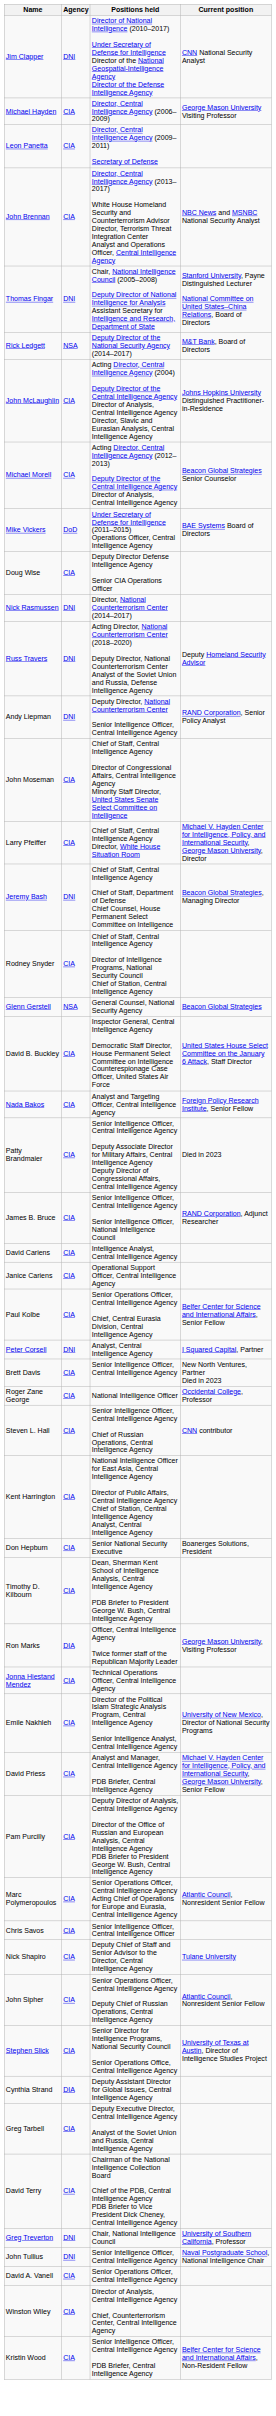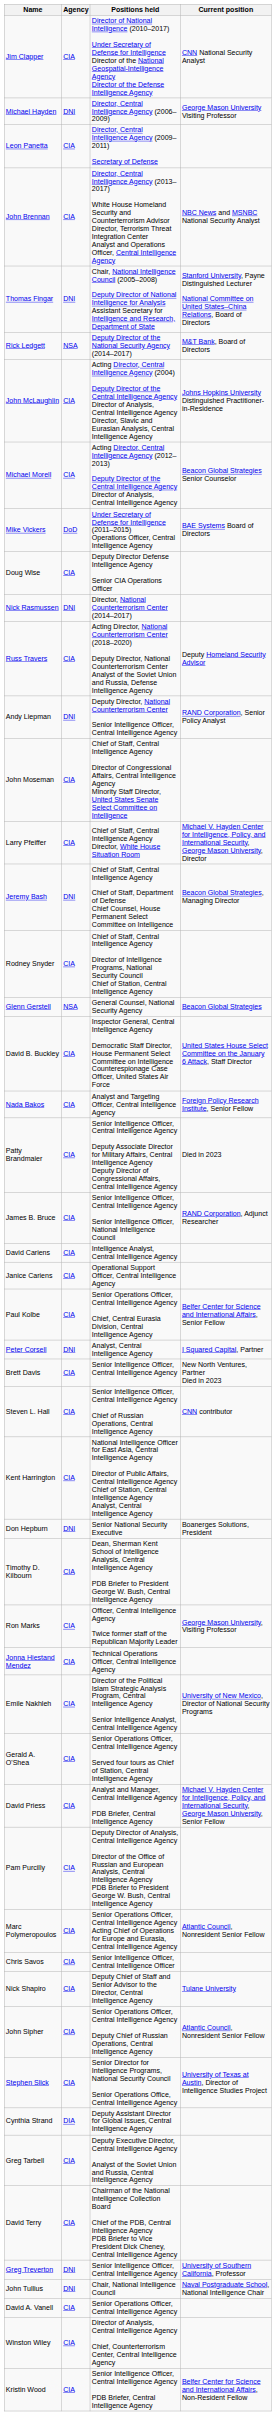 <table class="wikitable sortable">
 <tr>
 <th>Name</th>
 <th>Agency</th>
 <th>Positions held</th>
 <th>Current position</th>
 </tr>
 <tr>
 <td><a href='#'>Jim Clapper</a></td>
-<td><a href='#'>DNI</a></td>
+<td><a href='#'>CIA</a></td>
 <td><a href='#'>Director of National Intelligence</a> (2010–2017) <br><br><a href='#'>Under Secretary of Defense for Intelligence</a><br> Director of the <a href='#'>National Geospatial-Intelligence Agency</a><br> <a href='#'>Director of the Defense Intelligence Agency</a></td>
 <td><a href='#'>CNN</a> National Security Analyst</td>
 </tr>
 <tr>
 <td><a href='#'>Michael Hayden</a></td>
-<td><a href='#'>CIA</a></td>
+<td><a href='#'>DNI</a></td>
 <td><a href='#'>Director, Central Intelligence Agency</a> (2006–2009)</td>
 <td><a href='#'>George Mason University</a> Visiting Professor</td>
 </tr>
 <tr>
 <td><a href='#'>Leon Panetta</a></td>
 <td><a href='#'>CIA</a></td>
 <td><a href='#'>Director, Central Intelligence Agency</a> (2009–2011)<br><br><a href='#'>Secretary of Defense</a></td>
 </tr>
 <tr>
 <td><a href='#'>John Brennan</a></td>
 <td><a href='#'>CIA</a></td>
 <td><a href='#'>Director, Central Intelligence Agency</a> (2013–2017)<br><br>White House Homeland Security and Counterterrorism Advisor<br> Director, Terrorism Threat Integration Center<br> Analyst and Operations Officer, <a href='#'>Central Intelligence Agency</a></td>
 <td><a href='#'>NBC News</a> and <a href='#'>MSNBC</a> National Security Analyst</td>
 </tr>
 <tr>
 <td><a href='#'>Thomas Fingar</a></td>
 <td><a href='#'>DNI</a></td>
 <td>Chair, <a href='#'>National Intelligence Council</a> (2005–2008)<br><br><a href='#'>Deputy Director of National Intelligence for Analysis</a><br> Assistant Secretary for <a href='#'>Intelligence and Research, Department of State</a></td>
 <td><a href='#'>Stanford University</a>, Payne Distinguished Lecturer <br><br><a href='#'>National Committee on United States–China Relations</a>, Board of Directors</td>
 </tr>
 <tr>
 <td><a href='#'>Rick Ledgett</a></td>
 <td><a href='#'>NSA</a></td>
 <td><a href='#'>Deputy Director of the National Security Agency</a> (2014–2017)</td>
 <td><a href='#'>M&T Bank</a>, Board of Directors</td>
 </tr>
 <tr>
 <td><a href='#'>John McLaughlin</a></td>
 <td><a href='#'>CIA</a></td>
 <td>Acting <a href='#'>Director, Central Intelligence Agency</a> (2004)<br><br><a href='#'>Deputy Director of the Central Intelligence Agency</a><br> Director of Analysis, Central Intelligence Agency<br> Director, Slavic and Eurasian Analysis, Central Intelligence Agency<br></td>
 <td><a href='#'>Johns Hopkins University</a> Distinguished Practitioner-in-Residence</td>
 </tr>
 <tr>
 <td><a href='#'>Michael Morell</a></td>
 <td><a href='#'>CIA</a></td>
 <td>Acting <a href='#'>Director, Central Intelligence Agency</a> (2012–2013)<br><br><a href='#'>Deputy Director of the Central Intelligence Agency</a><br> Director of Analysis, Central Intelligence Agency</td>
 <td><a href='#'>Beacon Global Strategies</a> Senior Counselor</td>
 </tr>
 <tr>
 <td><a href='#'>Mike Vickers</a></td>
 <td><a href='#'>DoD</a></td>
 <td><a href='#'>Under Secretary of Defense for Intelligence</a> (2011–2015)<br>Operations Officer, Central Intelligence Agency</td>
 <td><a href='#'>BAE Systems</a> Board of Directors</td>
 </tr>
 <tr>
 <td>Doug Wise</td>
 <td><a href='#'>CIA</a></td>
 <td>Deputy Director Defense Intelligence Agency<br><br>Senior CIA Operations Officer</td>
 <td></td>
 </tr>
 <tr>
 <td><a href='#'>Nick Rasmussen</a></td>
 <td><a href='#'>DNI</a></td>
 <td>Director, <a href='#'>National Counterterrorism Center</a> (2014–2017)</td>
 <td></td>
 </tr>
 <tr>
 <td><a href='#'>Russ Travers</a></td>
-<td><a href='#'>DNI</a></td>
+<td><a href='#'>CIA</a></td>
 <td>Acting Director, <a href='#'>National Counterterrorism Center</a> (2018–2020)<br><br>Deputy Director, National Counterterrorism Center<br> Analyst of the Soviet Union and Russia, Defense Intelligence Agency</td>
 <td>Deputy <a href='#'>Homeland Security Advisor</a></td>
 </tr>
 <tr>
 <td>Andy Liepman</td>
 <td><a href='#'>DNI</a></td>
 <td>Deputy Director, <a href='#'>National Counterterrorism Center</a><br><br>Senior Intelligence Officer, Central Intelligence Agency</td>
 <td><a href='#'>RAND Corporation</a>, Senior Policy Analyst</td>
 </tr>
 <tr>
 <td>John Moseman</td>
 <td><a href='#'>CIA</a></td>
 <td>Chief of Staff, Central Intelligence Agency<br><br>Director of Congressional Affairs, Central Intelligence Agency<br> Minority Staff Director, <a href='#'>United States Senate Select Committee on Intelligence</a></td>
 <td></td>
 </tr>
 <tr>
 <td>Larry Pfeiffer</td>
 <td><a href='#'>CIA</a></td>
 <td>Chief of Staff, Central Intelligence Agency<br>Director, <a href='#'>White House Situation Room</a></td>
 <td><a href='#'>Michael V. Hayden Center for Intelligence, Policy, and International Security</a>, <a href='#'>George Mason University</a>, Director</td>
 </tr>
 <tr>
 <td><a href='#'>Jeremy Bash</a></td>
 <td><a href='#'>DNI</a></td>
 <td>Chief of Staff, Central Intelligence Agency<br><br>Chief of Staff, Department of Defense<br> Chief Counsel, House Permanent Select Committee on Intelligence</td>
 <td><a href='#'>Beacon Global Strategies</a>, Managing Director</td>
 </tr>
 <tr>
 <td>Rodney Snyder</td>
 <td><a href='#'>CIA</a></td>
 <td>Chief of Staff, Central Intelligence Agency<br><br>Director of Intelligence Programs, National Security Council<br> Chief of Station, Central Intelligence Agency</td>
 <td></td>
 </tr>
 <tr>
 <td><a href='#'>Glenn Gerstell</a></td>
 <td><a href='#'>NSA</a></td>
 <td>General Counsel, National Security Agency</td>
 <td><a href='#'>Beacon Global Strategies</a></td>
 </tr>
 <tr>
 <td>David B. Buckley</td>
 <td><a href='#'>CIA</a></td>
 <td>Inspector General, Central Intelligence Agency<br><br>Democratic Staff Director, House Permanent Select Committee on Intelligence<br> Counterespionage Case Officer, United States Air Force</td>
 <td><a href='#'>United States House Select Committee on the January 6 Attack</a>, Staff Director</td>
 </tr>
 <tr>
 <td><a href='#'>Nada Bakos</a></td>
 <td><a href='#'>CIA</a></td>
 <td>Analyst and Targeting Officer, Central Intelligence Agency</td>
 <td><a href='#'>Foreign Policy Research Institute</a>, Senior Fellow</td>
 </tr>
 <tr>
 <td>Patty Brandmaier</td>
 <td><a href='#'>CIA</a></td>
 <td>Senior Intelligence Officer, Central Intelligence Agency<br><br>Deputy Associate Director for Military Affairs, Central Intelligence Agency<br> Deputy Director of Congressional Affairs, Central Intelligence Agency</td>
 <td>Died in 2023</td>
 </tr>
 <tr>
 <td>James B. Bruce</td>
 <td><a href='#'>CIA</a></td>
 <td>Senior Intelligence Officer, Central Intelligence Agency<br><br>Senior Intelligence Officer, National Intelligence Council</td>
 <td><a href='#'>RAND Corporation</a>, Adjunct Researcher</td>
 </tr>
 <tr>
 <td>David Cariens</td>
 <td><a href='#'>CIA</a></td>
 <td>Intelligence Analyst, Central Intelligence Agency</td>
 <td></td>
 </tr>
 <tr>
 <td>Janice Cariens</td>
 <td><a href='#'>CIA</a></td>
 <td>Operational Support Officer, Central Intelligence Agency</td>
 <td></td>
 </tr>
 <tr>
 <td>Paul Kolbe</td>
 <td><a href='#'>CIA</a></td>
 <td>Senior Operations Officer, Central Intelligence Agency<br><br>Chief, Central Eurasia Division, Central Intelligence Agency</td>
 <td><a href='#'>Belfer Center for Science and International Affairs</a>, Senior Fellow</td>
 </tr>
 <tr>
 <td><a href='#'>Peter Corsell</a></td>
 <td><a href='#'>DNI</a></td>
 <td>Analyst, Central Intelligence Agency</td>
 <td><a href='#'>I Squared Capital</a>, Partner</td>
 </tr>
 <tr>
 <td>Brett Davis</td>
 <td><a href='#'>CIA</a></td>
 <td>Senior Intelligence Officer, Central Intelligence Agency<br><br></td>
 <td>New North Ventures, Partner<br>Died in 2023</td>
 </tr>
 <tr>
-<td>Roger Zane George</td>
-<td><a href='#'>CIA</a></td>
-<td>National Intelligence Officer</td>
-<td><a href='#'>Occidental College</a>, Professor</td>
-</tr>
-<tr>
 <td>Steven L. Hall</td>
 <td><a href='#'>CIA</a></td>
 <td>Senior Intelligence Officer, Central Intelligence Agency<br><br>Chief of Russian Operations, Central Intelligence Agency</td>
 <td><a href='#'>CNN</a> contributor</td>
 </tr>
 <tr>
 <td>Kent Harrington</td>
 <td><a href='#'>CIA</a></td>
 <td>National Intelligence Officer for East Asia, Central Intelligence Agency<br><br>Director of Public Affairs, Central Intelligence Agency<br> Chief of Station, Central Intelligence Agency<br> Analyst, Central Intelligence Agency</td>
 <td></td>
 </tr>
 <tr>
 <td>Don Hepburn</td>
-<td><a href='#'>CIA</a></td>
+<td><a href='#'>DNI</a></td>
 <td>Senior National Security Executive</td>
 <td>Boanerges Solutions, President</td>
 </tr>
 <tr>
 <td>Timothy D. Kilbourn</td>
 <td><a href='#'>CIA</a></td>
 <td>Dean, Sherman Kent School of Intelligence Analysis, Central Intelligence Agency<br><br>PDB Briefer to President George W. Bush, Central Intelligence Agency</td>
 <td></td>
 </tr>
 <tr>
 <td>Ron Marks</td>
-<td><a href='#'>DIA</a></td>
+<td><a href='#'>CIA</a></td>
 <td>Officer, Central Intelligence Agency<br><br>Twice former staff of the Republican Majority Leader</td>
 <td><a href='#'>George Mason University</a>, Visiting Professor</td>
 </tr>
 <tr>
 <td><a href='#'>Jonna Hiestand Mendez</a></td>
 <td><a href='#'>CIA</a></td>
 <td>Technical Operations Officer, Central Intelligence Agency</td>
 <td></td>
 </tr>
 <tr>
 <td>Emile Nakhleh</td>
 <td><a href='#'>CIA</a></td>
 <td>Director of the Political Islam Strategic Analysis Program, Central Intelligence Agency<br><br>Senior Intelligence Analyst, Central Intelligence Agency</td>
 <td><a href='#'>University of New Mexico</a>, Director of National Security Programs</td>
+</tr>
+<tr>
+<td>Gerald A. O'Shea</td>
+<td><a href='#'>CIA</a></td>
+<td>Senior Operations Officer, Central Intelligence Agency<br><br>Served four tours as Chief of Station, Central Intelligence Agency</td>
+<td></td>
 </tr>
 <tr>
 <td>David Priess</td>
 <td><a href='#'>CIA</a></td>
 <td>Analyst and Manager, Central Intelligence Agency<br><br>PDB Briefer, Central Intelligence Agency</td>
 <td><a href='#'>Michael V. Hayden Center for Intelligence, Policy, and International Security</a>, <a href='#'>George Mason University</a>, Senior Fellow </td>
 </tr>
 <tr>
 <td>Pam Purcilly</td>
 <td><a href='#'>CIA</a></td>
 <td>Deputy Director of Analysis, Central Intelligence Agency<br><br>Director of the Office of Russian and European Analysis, Central Intelligence Agency<br> PDB Briefer to President George W. Bush, Central Intelligence Agency</td>
 <td></td>
 </tr>
 <tr>
 <td>Marc Polymeropoulos</td>
 <td><a href='#'>CIA</a></td>
 <td>Senior Operations Officer, Central Intelligence Agency<br>Acting Chief of Operations for Europe and Eurasia, Central Intelligence Agency</td>
 <td><a href='#'>Atlantic Council</a>, Nonresident Senior Fellow</td>
 </tr>
 <tr>
 <td>Chris Savos</td>
 <td><a href='#'>CIA</a></td>
 <td>Senior Intelligence Officer, Central Intelligence Officer</td>
 <td></td>
 </tr>
 <tr>
 <td>Nick Shapiro</td>
 <td><a href='#'>CIA</a></td>
 <td>Deputy Chief of Staff and Senior Advisor to the Director, Central Intelligence Agency</td>
 <td><a href='#'>Tulane University</a></td>
 </tr>
 <tr>
 <td>John Sipher</td>
 <td><a href='#'>CIA</a></td>
 <td>Senior Operations Officer, Central Intelligence Agency<br><br>Deputy Chief of Russian Operations, Central Intelligence Agency</td>
 <td><a href='#'>Atlantic Council</a>, Nonresident Senior Fellow</td>
 </tr>
 <tr>
 <td><a href='#'>Stephen Slick</a></td>
 <td><a href='#'>CIA</a></td>
 <td>Senior Director for Intelligence Programs, National Security Council<br><br>Senior Operations Office, Central Intelligence Agency</td>
 <td><a href='#'>University of Texas at Austin</a>, Director of Intelligence Studies Project</td>
 </tr>
 <tr>
 <td>Cynthia Strand</td>
 <td><a href='#'>DIA</a></td>
 <td>Deputy Assistant Director for Global Issues, Central Intelligence Agency</td>
 <td></td>
 </tr>
 <tr>
 <td>Greg Tarbell</td>
 <td><a href='#'>CIA</a></td>
 <td>Deputy Executive Director, Central Intelligence Agency<br><br>Analyst of the Soviet Union and Russia, Central Intelligence Agency</td>
 <td></td>
 </tr>
 <tr>
 <td>David Terry</td>
 <td><a href='#'>CIA</a></td>
 <td>Chairman of the National Intelligence Collection Board<br><br>Chief of the PDB, Central Intelligence Agency<br> PDB Briefer to Vice President Dick Cheney, Central Intelligence Agency</td>
 <td></td>
 </tr>
 <tr>
 <td><a href='#'>Greg Treverton</a></td>
 <td><a href='#'>DNI</a></td>
-<td>Chair, National Intelligence Council</td>
+<td>Senior Intelligence Officer, Central Intelligence Agency</td>
 <td><a href='#'>University of Southern California</a>, Professor</td>
 </tr>
 <tr>
 <td>John Tullius</td>
 <td><a href='#'>DNI</a></td>
-<td>Senior Intelligence Officer, Central Intelligence Agency</td>
+<td>Chair, National Intelligence Council</td>
 <td><a href='#'>Naval Postgraduate School</a>, National Intelligence Chair</td>
 </tr>
 <tr>
 <td>David A. Vanell</td>
 <td><a href='#'>CIA</a></td>
 <td>Senior Operations Officer, Central Intelligence Agency</td>
 <td></td>
 </tr>
 <tr>
 <td>Winston Wiley</td>
 <td><a href='#'>CIA</a></td>
 <td>Director of Analysis, Central Intelligence Agency<br><br>Chief, Counterterrorism Center, Central Intelligence Agency</td>
 <td></td>
 </tr>
 <tr>
 <td>Kristin Wood</td>
 <td><a href='#'>CIA</a></td>
 <td>Senior Intelligence Officer, Central Intelligence Agency<br><br>PDB Briefer, Central Intelligence Agency</td>
 <td><a href='#'>Belfer Center for Science and International Affairs</a>, Non-Resident Fellow</td>
 </tr>
 </table>
